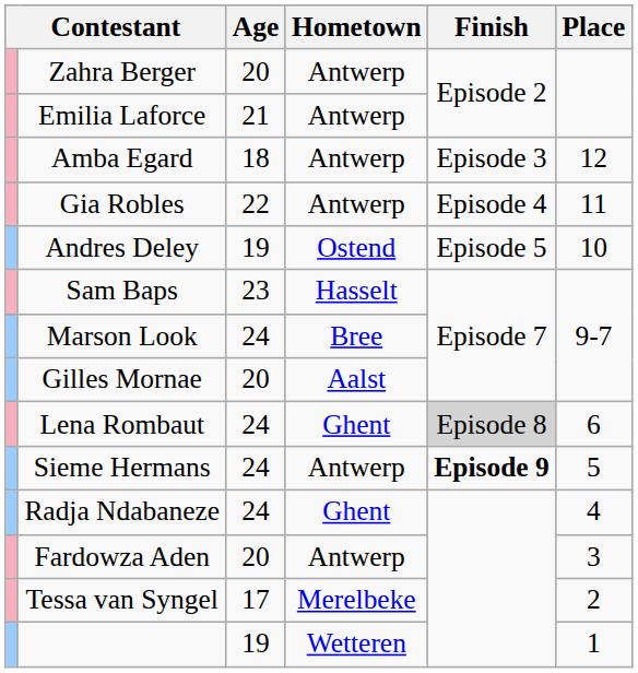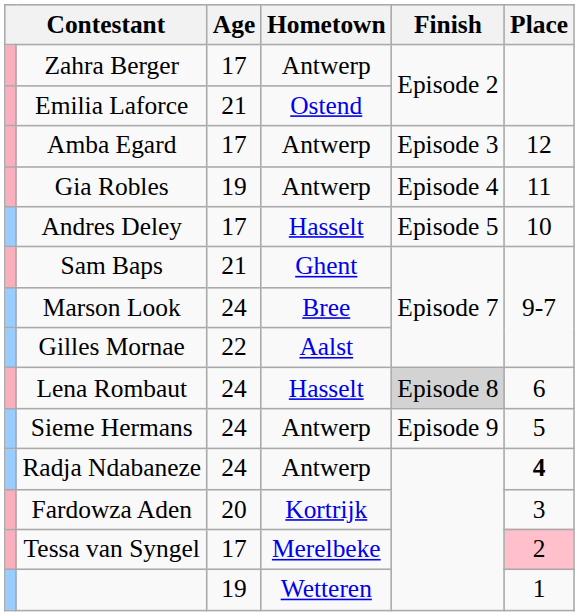 <table class="wikitable sortable" style="text-align:center;">
 <tr>
 <th colspan="2">Contestant</th>
 <th>Age</th>
 <th>Hometown</th>
 <th>Finish</th>
 <th>Place</th>
 </tr>
 <tr>
 <td style="background:#faafbe"></td>
 <td>Zahra Berger</td>
-<td>20</td>
+<td>17</td>
 <td>Antwerp</td>
 <td rowspan="2">Episode 2</td>
 <td rowspan="2"></td>
 </tr>
 <tr>
 <td style="background:#faafbe"></td>
 <td>Emilia Laforce</td>
 <td>21</td>
-<td>Antwerp</td>
+<td><a href='#'>Ostend</a></td>
 </tr>
 <tr>
 <td style="background:#faafbe"></td>
 <td>Amba Egard</td>
-<td>18</td>
+<td>17</td>
 <td>Antwerp</td>
 <td>Episode 3</td>
 <td>12</td>
 </tr>
 <tr>
 <td style="background:#faafbe"></td>
 <td>Gia Robles</td>
-<td>22</td>
+<td>19</td>
 <td>Antwerp</td>
 <td>Episode 4</td>
 <td>11</td>
 </tr>
 <tr>
 <td style="background:#9cf;"></td>
 <td>Andres Deley</td>
-<td>19</td>
-<td><a href='#'>Ostend</a></td>
+<td>17</td>
+<td><a href='#'>Hasselt</a></td>
 <td>Episode 5</td>
 <td>10</td>
 </tr>
 <tr>
 <td style="background:#faafbe"></td>
 <td>Sam Baps</td>
-<td>23</td>
-<td><a href='#'>Hasselt</a></td>
+<td>21</td>
+<td><a href='#'>Ghent</a></td>
 <td rowspan="3">Episode 7</td>
 <td rowspan="3">9-7</td>
 </tr>
 <tr>
 <td style="background:#9cf;"></td>
 <td>Marson Look</td>
 <td>24</td>
 <td><a href='#'>Bree</a></td>
 </tr>
 <tr>
 <td style="background:#9cf;"></td>
 <td>Gilles Mornae</td>
-<td>20</td>
+<td>22</td>
 <td><a href='#'>Aalst</a></td>
 </tr>
 <tr>
 <td style="background:#faafbe"></td>
 <td>Lena Rombaut</td>
 <td>24</td>
-<td><a href='#'>Ghent</a></td>
+<td><a href='#'>Hasselt</a></td>
 <td style="background: lightgrey;">Episode 8</td>
 <td>6</td>
 </tr>
 <tr>
 <td style="background:#9cf;"></td>
 <td>Sieme Hermans</td>
 <td>24</td>
 <td>Antwerp</td>
-<td><strong>Episode 9</strong></td>
+<td>Episode 9</td>
 <td>5</td>
 </tr>
 <tr>
 <td style="background:#9cf;"></td>
 <td>Radja Ndabaneze</td>
 <td>24</td>
-<td><a href='#'>Ghent</a></td>
+<td>Antwerp</td>
 <td rowspan="4"></td>
-<td>4</td>
+<td><strong>4</strong></td>
 </tr>
 <tr>
 <td style="background:#faafbe"></td>
 <td>Fardowza Aden</td>
 <td>20</td>
-<td>Antwerp</td>
+<td><a href='#'>Kortrijk</a></td>
 <td>3</td>
 </tr>
 <tr>
 <td style="background:#faafbe"></td>
 <td>Tessa van Syngel</td>
 <td>17</td>
 <td><a href='#'>Merelbeke</a></td>
-<td>2</td>
+<td style="background: pink;">2</td>
 </tr>
 <tr>
 <td style="background:#9cf;"></td>
 <td></td>
 <td>19</td>
 <td><a href='#'>Wetteren</a></td>
 <td>1</td>
 </tr>
 </table>
